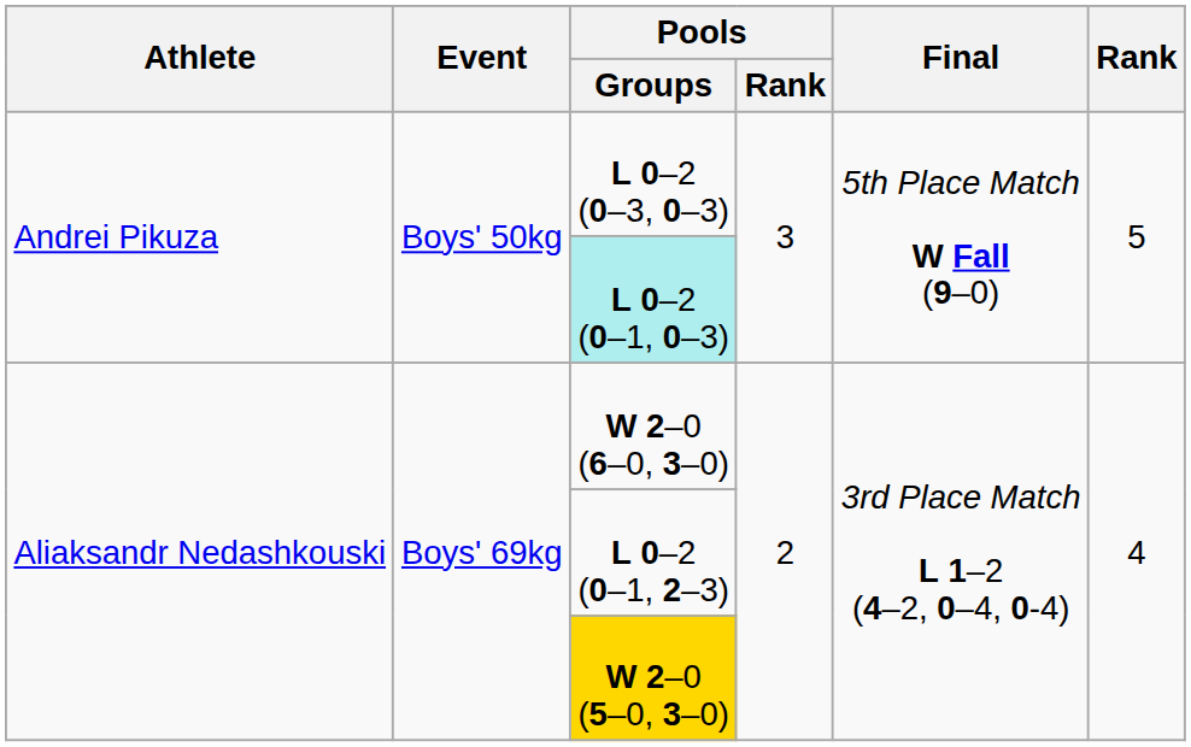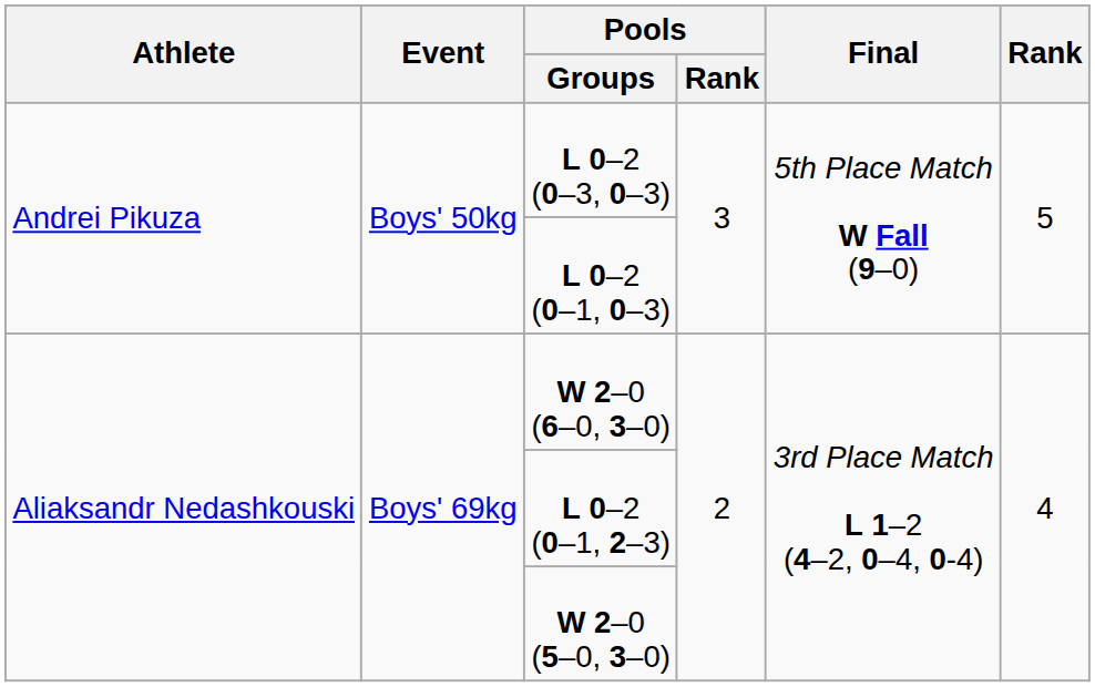 <table class="wikitable" style="text-align:left; font-size:90%">
 <tr>
 <th rowspan="2">Athlete</th>
 <th rowspan="2">Event</th>
 <th colspan="2">Pools</th>
 <th rowspan="2">Final</th>
 <th rowspan="2">Rank</th>
 </tr>
 <tr>
 <th>Groups</th>
 <th>Rank</th>
 </tr>
 <tr>
 <td rowspan="2"><a href='#'>Andrei Pikuza</a></td>
 <td rowspan="2"><a href='#'>Boys' 50kg</a></td>
 <td align=center><br><strong>L</strong> <strong>0</strong>–2<br>(<strong>0</strong>–3, <strong>0</strong>–3)</td>
 <td rowspan="2" align=center>3</td>
 <td align=center rowspan=2><em>5th Place Match</em><br><br><strong>W</strong> <strong><a href='#'>Fall</a></strong><br>(<strong>9</strong>–0)</td>
 <td rowspan="2" align="center">5</td>
 </tr>
 <tr>
-<td align=center style="background: paleturquoise;"><br><strong>L</strong> <strong>0</strong>–2<br>(<strong>0</strong>–1, <strong>0</strong>–3)</td>
+<td align=center><br><strong>L</strong> <strong>0</strong>–2<br>(<strong>0</strong>–1, <strong>0</strong>–3)</td>
 </tr>
 <tr>
 <td rowspan="3"><a href='#'>Aliaksandr Nedashkouski</a></td>
 <td rowspan="3"><a href='#'>Boys' 69kg</a></td>
 <td align=center><br><strong>W</strong> <strong>2</strong>–0<br>(<strong>6</strong>–0, <strong>3</strong>–0)</td>
 <td rowspan="3" align=center>2</td>
 <td align=center rowspan=3><em>3rd Place Match</em><br><br><strong>L</strong> <strong>1</strong>–2<br>(<strong>4</strong>–2, <strong>0</strong>–4, <strong>0</strong>-4)</td>
 <td rowspan="3" align="center">4</td>
 </tr>
 <tr>
 <td align=center><br><strong>L</strong> <strong>0</strong>–2<br>(<strong>0</strong>–1, <strong>2</strong>–3)</td>
 </tr>
 <tr>
-<td align=center style="background: gold;"><br><strong>W</strong> <strong>2</strong>–0<br>(<strong>5</strong>–0, <strong>3</strong>–0)</td>
+<td align=center><br><strong>W</strong> <strong>2</strong>–0<br>(<strong>5</strong>–0, <strong>3</strong>–0)</td>
 </tr>
 </table>
